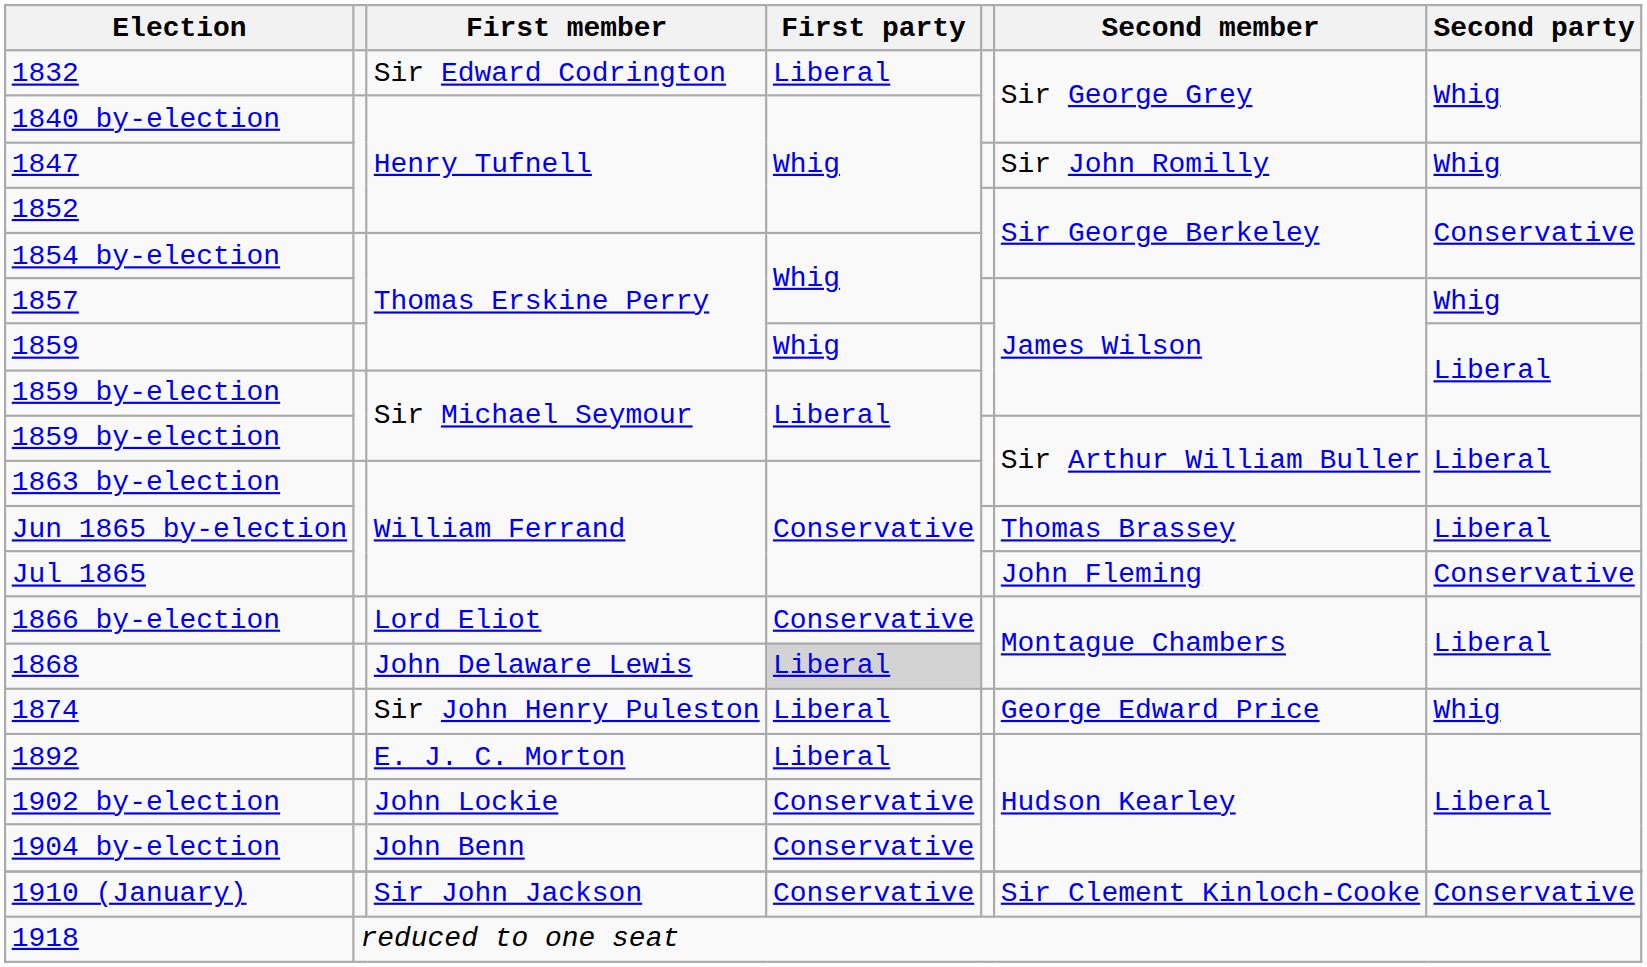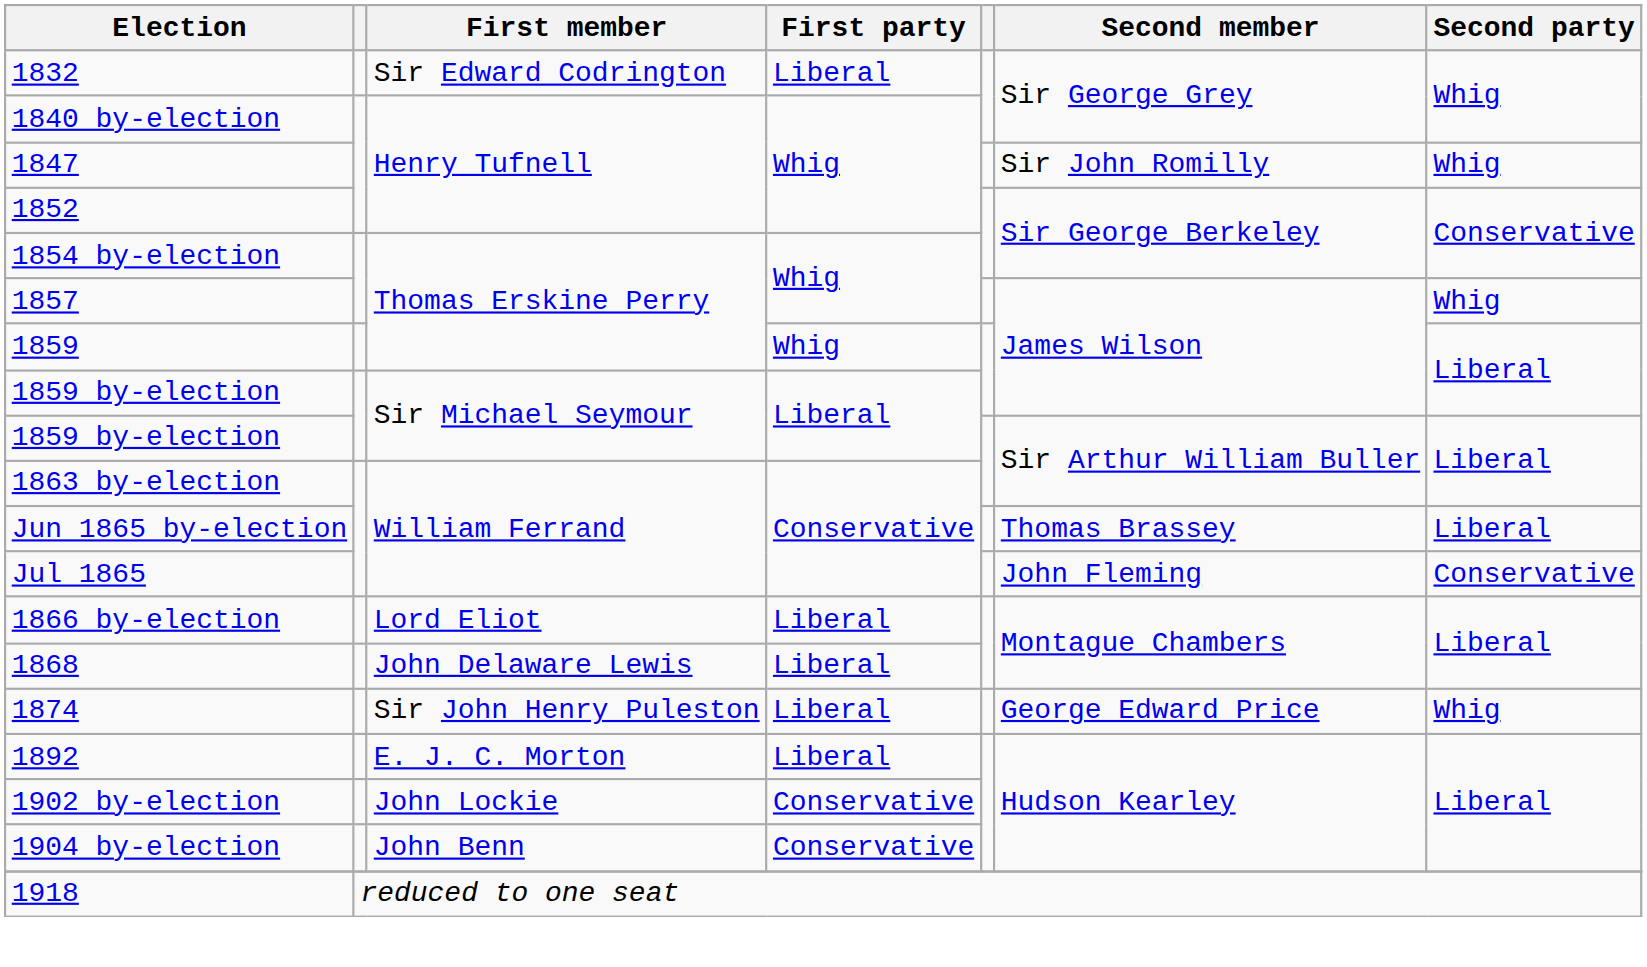 <table class="wikitable">
 <tr>
 <th>Election</th>
 <th></th>
 <th>First member</th>
 <th>First party</th>
 <th></th>
 <th>Second member</th>
 <th>Second party</th>
 </tr>
 <tr>
 <td><a href='#'>1832</a></td>
 <td style="color:inherit;background-color: "></td>
 <td>Sir <a href='#'>Edward Codrington</a></td>
 <td><a href='#'>Liberal</a></td>
 <td rowspan="2" style="color:inherit;background-color: "></td>
 <td rowspan="2">Sir <a href='#'>George Grey</a></td>
 <td rowspan="2"><a href='#'>Whig</a></td>
 </tr>
 <tr>
 <td><a href='#'>1840 by-election</a></td>
 <td rowspan="3" style="color:inherit;background-color: "></td>
 <td rowspan="3"><a href='#'>Henry Tufnell</a></td>
 <td rowspan="3"><a href='#'>Whig</a></td>
 </tr>
 <tr>
 <td><a href='#'>1847</a></td>
 <td style="color:inherit;background-color: "></td>
 <td>Sir <a href='#'>John Romilly</a></td>
 <td><a href='#'>Whig</a></td>
 </tr>
 <tr>
 <td><a href='#'>1852</a></td>
 <td rowspan="2" style="color:inherit;background-color: "></td>
 <td rowspan="2"><a href='#'>Sir George Berkeley</a></td>
 <td rowspan="2"><a href='#'>Conservative</a></td>
 </tr>
 <tr>
 <td><a href='#'>1854 by-election</a></td>
 <td rowspan="2" style="color:inherit;background-color: "></td>
 <td rowspan="3"><a href='#'>Thomas Erskine Perry</a></td>
 <td rowspan="2"> <a href='#'>Whig</a></td>
 </tr>
 <tr>
 <td><a href='#'>1857</a></td>
 <td rowspan="1" style="color:inherit;background-color: "></td>
 <td rowspan="3"><a href='#'>James Wilson</a></td>
 <td rowspan="1"><a href='#'>Whig</a></td>
 </tr>
 <tr>
 <td><a href='#'>1859</a></td>
 <td style="color:inherit;background-color: "></td>
 <td><a href='#'>Whig</a></td>
 <td rowspan="2" style="color:inherit;background-color: "></td>
 <td rowspan="2"><a href='#'>Liberal</a></td>
 </tr>
 <tr>
 <td><a href='#'>1859 by-election</a></td>
 <td rowspan="2" style="color:inherit;background-color: "></td>
 <td rowspan="2">Sir <a href='#'>Michael Seymour</a></td>
 <td rowspan="2"><a href='#'>Liberal</a></td>
 </tr>
 <tr>
 <td><a href='#'>1859 by-election</a></td>
 <td rowspan="2" style="color:inherit;background-color: "></td>
 <td rowspan="2">Sir <a href='#'>Arthur William Buller</a></td>
 <td rowspan="2"><a href='#'>Liberal</a></td>
 </tr>
 <tr>
 <td><a href='#'>1863 by-election</a></td>
 <td rowspan="3" style="color:inherit;background-color: "></td>
 <td rowspan="3"><a href='#'>William Ferrand</a> </td>
 <td rowspan="3"><a href='#'>Conservative</a></td>
 </tr>
 <tr>
 <td><a href='#'>Jun 1865 by-election</a></td>
 <td rowspan="1" style="color:inherit;background-color: "></td>
 <td rowspan="1"><a href='#'>Thomas Brassey</a></td>
 <td rowspan="1"><a href='#'>Liberal</a></td>
 </tr>
 <tr>
 <td><a href='#'>Jul 1865</a></td>
 <td style="color:inherit;background-color: "></td>
 <td><a href='#'>John Fleming</a></td>
 <td><a href='#'>Conservative</a></td>
 </tr>
 <tr>
 <td><a href='#'>1866 by-election</a></td>
 <td style="color:inherit;background-color: "></td>
 <td><a href='#'>Lord Eliot</a></td>
-<td><a href='#'>Conservative</a></td>
+<td><a href='#'>Liberal</a></td>
 <td rowspan="2" style="color:inherit;background-color: "></td>
 <td rowspan="2"><a href='#'>Montague Chambers</a></td>
 <td rowspan="2"><a href='#'>Liberal</a></td>
 </tr>
 <tr>
 <td><a href='#'>1868</a></td>
 <td style="color:inherit;background-color: "></td>
 <td><a href='#'>John Delaware Lewis</a></td>
-<td style="background: lightgrey;"><a href='#'>Liberal</a></td>
+<td><a href='#'>Liberal</a></td>
 </tr>
 <tr>
 <td><a href='#'>1874</a></td>
 <td style="color:inherit;background-color: "></td>
 <td>Sir <a href='#'>John Henry Puleston</a></td>
 <td><a href='#'>Liberal</a></td>
 <td style="color:inherit;background-color: "></td>
 <td><a href='#'>George Edward Price</a></td>
 <td rowspan="1"><a href='#'>Whig</a></td>
 </tr>
 <tr>
 <td><a href='#'>1892</a></td>
 <td style="color:inherit;background-color: "></td>
 <td><a href='#'>E. J. C. Morton</a> </td>
 <td><a href='#'>Liberal</a></td>
 <td rowspan="3" style="color:inherit;background-color: "></td>
 <td rowspan="3"><a href='#'>Hudson Kearley</a></td>
 <td rowspan="3"><a href='#'>Liberal</a></td>
 </tr>
 <tr>
 <td><a href='#'>1902 by-election</a></td>
 <td style="color:inherit;background-color: "></td>
 <td><a href='#'>John Lockie</a>  </td>
 <td><a href='#'>Conservative</a></td>
 </tr>
 <tr>
 <td><a href='#'>1904 by-election</a></td>
 <td style="color:inherit;background-color: "></td>
 <td><a href='#'>John Benn</a></td>
 <td><a href='#'>Conservative</a></td>
 </tr>
 <tr |style="color:inherit;background-color: white" |>
 </tr>
 <tr>
-<td><a href='#'>1910 (January)</a></td>
-<td style="color:inherit;background-color: "></td>
-<td><a href='#'>Sir John Jackson</a></td>
-<td><a href='#'>Conservative</a></td>
-<td style="color:inherit;background-color: "></td>
-<td><a href='#'>Sir Clement Kinloch-Cooke</a></td>
-<td><a href='#'>Conservative</a></td>
-</tr>
-<tr>
 <td><a href='#'>1918</a></td>
 <td colspan="6"><em>reduced to one seat</em></td>
 </tr>
 </table>
